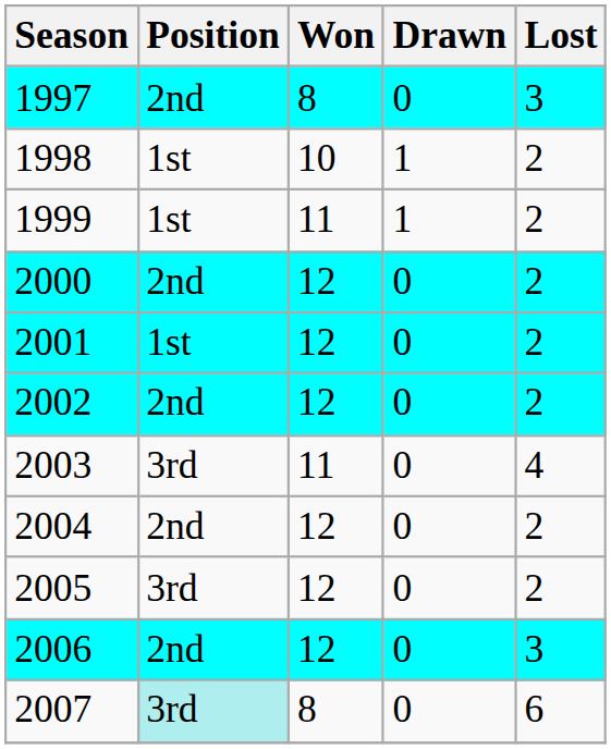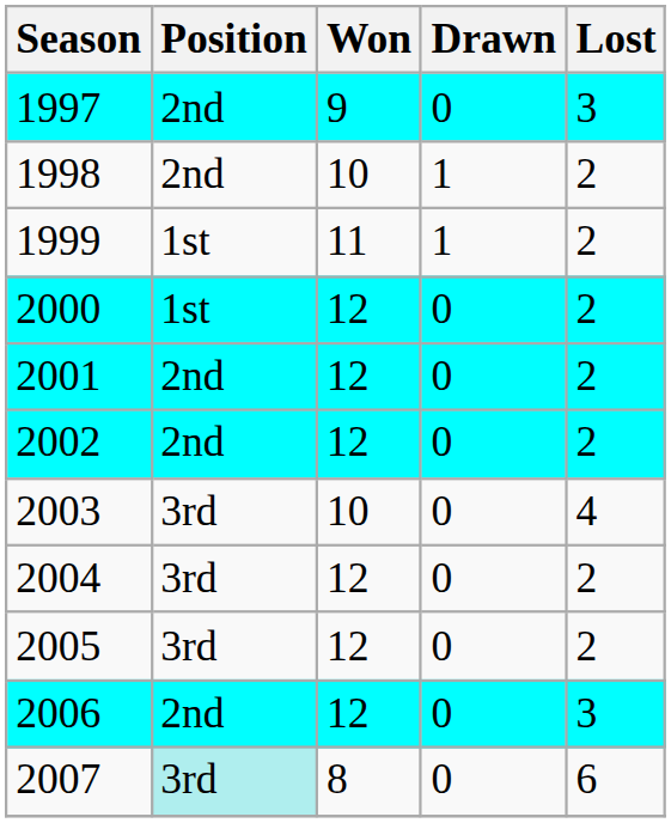 <table class="wikitable collapsible">
 <tr>
 <th>Season</th>
 <th>Position</th>
 <th>Won</th>
 <th>Drawn</th>
 <th>Lost</th>
 </tr>
 <tr style="background-color:#00FFFF">
 <td>1997</td>
 <td>2nd</td>
-<td>8</td>
+<td>9</td>
 <td>0</td>
 <td>3</td>
 </tr>
 <tr style="background-color:#">
 <td>1998</td>
-<td>1st</td>
+<td>2nd</td>
 <td>10</td>
 <td>1</td>
 <td>2</td>
 </tr>
 <tr style="background-color:#">
 <td>1999</td>
 <td>1st</td>
 <td>11</td>
 <td>1</td>
 <td>2</td>
 </tr>
 <tr style="background-color:#00FFFF">
 <td>2000</td>
-<td>2nd</td>
+<td>1st</td>
 <td>12</td>
 <td>0</td>
 <td>2</td>
 </tr>
 <tr style="background-color:#00FFFF">
 <td>2001</td>
-<td>1st</td>
+<td>2nd</td>
 <td>12</td>
 <td>0</td>
 <td>2</td>
 </tr>
 <tr style="background-color:#00FFFF">
 <td>2002</td>
 <td>2nd</td>
 <td>12</td>
 <td>0</td>
 <td>2</td>
 </tr>
 <tr>
 <td>2003</td>
 <td>3rd</td>
-<td>11</td>
+<td>10</td>
 <td>0</td>
 <td>4</td>
 </tr>
 <tr>
 <td>2004</td>
-<td>2nd</td>
+<td>3rd</td>
 <td>12</td>
 <td>0</td>
 <td>2</td>
 </tr>
 <tr>
 <td>2005</td>
 <td>3rd</td>
 <td>12</td>
 <td>0</td>
 <td>2</td>
 </tr>
 <tr style="background-color:#00FFFF">
 <td>2006</td>
 <td>2nd</td>
 <td>12</td>
 <td>0</td>
 <td>3</td>
 </tr>
 <tr>
 <td>2007</td>
 <td style="background: paleturquoise;">3rd</td>
 <td>8</td>
 <td>0</td>
 <td>6</td>
 </tr>
 <tr>
 </tr>
 </table>
